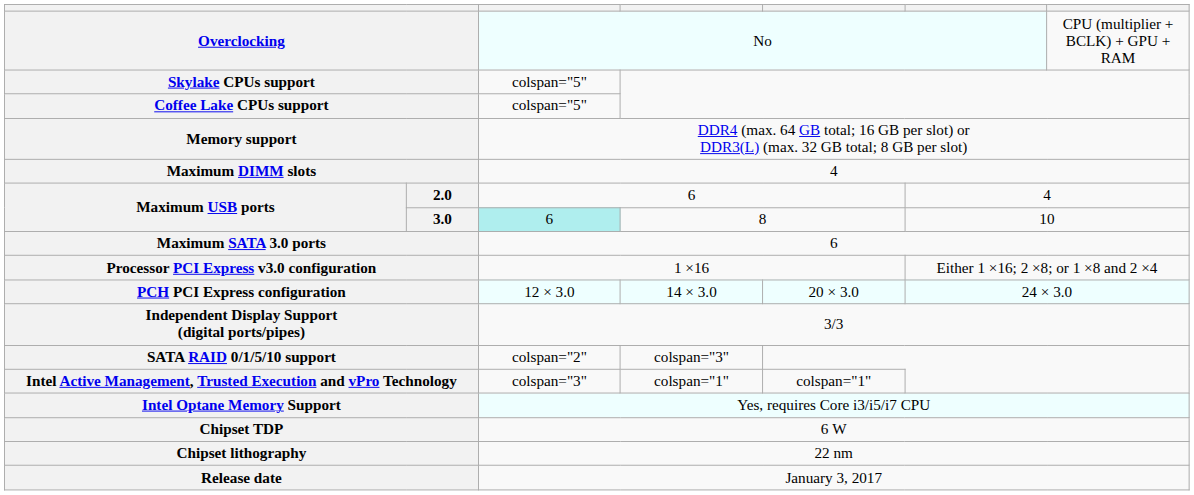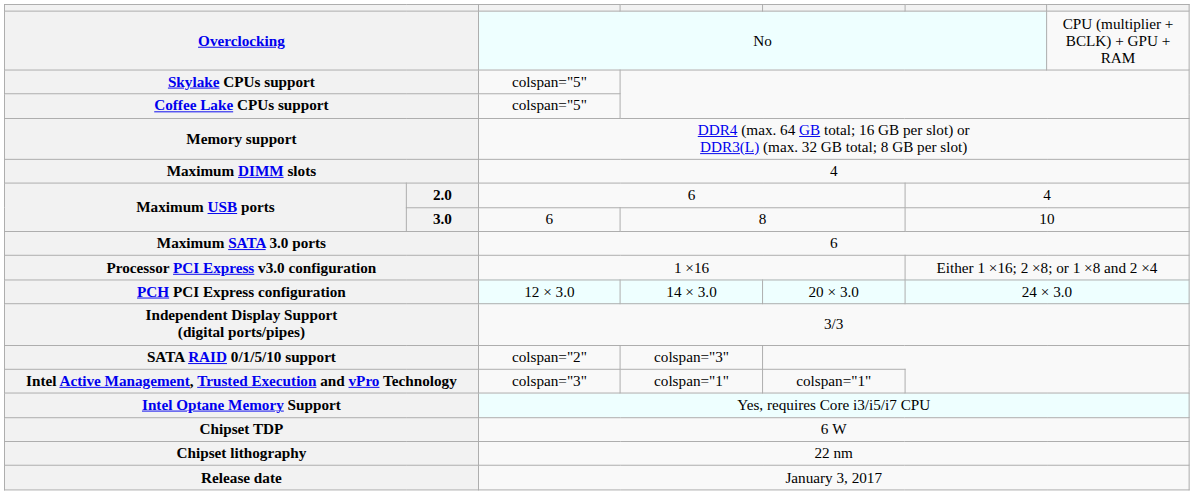 <table class="wikitable sticky-header" style="text-align: center; min-width: 30em; max-width: 100em;">
 <tr>
 <th colspan="2" scope="col" width="40%"></th>
 <th scope="col" width="12%"><span></span></th>
 <th scope="col" width="12%"><span></span></th>
 <th scope="col" width="12%"><span></span></th>
 <th scope="col" width="12%"><span></span></th>
 <th scope="col" width="12%"><span></span></th>
 </tr>
 <tr>
 <th colspan="2"><a href='#'>Overclocking</a></th>
 <td colspan="4" style="background: #EEFFFF;">No</td>
 <td>CPU (multiplier + BCLK) + GPU + RAM</td>
 </tr>
 <tr>
 <th colspan="2"><a href='#'>Skylake</a> CPUs support</th>
 <td>colspan="5" </td>
 </tr>
 <tr>
 <th colspan="2"><a href='#'>Coffee Lake</a> CPUs support</th>
 <td>colspan="5" </td>
 </tr>
 <tr>
 <th colspan="2">Memory support</th>
 <td colspan="5"><a href='#'>DDR4</a> (max. 64 <a href='#'>GB</a> total; 16 GB per slot) or<br><a href='#'>DDR3(L)</a> (max. 32 GB total; 8 GB per slot)</td>
 </tr>
 <tr>
 <th colspan="2">Maximum <a href='#'>DIMM</a> slots</th>
 <td colspan="5">4</td>
 </tr>
 <tr>
 <th rowspan="2">Maximum <a href='#'>USB</a> ports</th>
 <th>2.0</th>
 <td colspan="3">6</td>
 <td colspan="2">4</td>
 </tr>
 <tr>
 <th>3.0</th>
-<td style="background: paleturquoise;">6</td>
+<td>6</td>
 <td colspan="2">8</td>
 <td colspan="2">10</td>
 </tr>
 <tr>
 <th colspan="2">Maximum <a href='#'>SATA</a> 3.0 ports</th>
 <td colspan="5">6</td>
 </tr>
 <tr>
 <th colspan="2">Processor <a href='#'>PCI Express</a> v3.0 configuration</th>
 <td colspan="3">1 ×16</td>
 <td colspan="2">Either 1 ×16; 2 ×8; or 1 ×8 and 2 ×4</td>
 </tr>
 <tr>
 <th colspan="2"><a href='#'>PCH</a> PCI Express configuration</th>
 <td style="background: #EEFFFF;">12 × 3.0</td>
 <td style="background: #EEFFFF;">14 × 3.0</td>
 <td style="background: #EEFFFF;">20 × 3.0</td>
 <td colspan="2" style="background: #EEFFFF;">24 × 3.0</td>
 </tr>
 <tr>
 <th colspan="2">Independent Display Support<br>(digital ports/pipes)</th>
 <td colspan="5">3/3</td>
 </tr>
 <tr>
 <th colspan="2">SATA <a href='#'>RAID</a> 0/1/5/10 support</th>
 <td>colspan="2" </td>
 <td>colspan="3" </td>
 </tr>
 <tr>
 <th colspan="2">Intel <a href='#'>Active Management</a>, <a href='#'>Trusted Execution</a> and <a href='#'>vPro</a> Technology</th>
 <td>colspan="3" </td>
 <td>colspan="1" </td>
 <td>colspan="1" </td>
 </tr>
 <tr>
 <th colspan="2"><a href='#'>Intel Optane Memory</a> Support</th>
 <td colspan="5" style="background: #EEFFFF;">Yes, requires Core i3/i5/i7 CPU</td>
 </tr>
 <tr>
 <th colspan="2">Chipset TDP</th>
 <td colspan="5">6 W</td>
 </tr>
 <tr>
 <th colspan="2">Chipset lithography</th>
 <td colspan="5">22 nm</td>
 </tr>
 <tr>
 <th colspan="2">Release date</th>
 <td colspan="5">January 3, 2017</td>
 </tr>
 </table>
